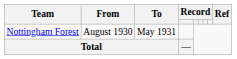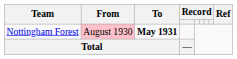 <table class="wikitable" style="text-align:center">
 <tr>
 <th rowspan="2">Team</th>
 <th rowspan="2">From</th>
 <th rowspan="2">To</th>
 <th colspan="5">Record</th>
 <th rowspan="2">Ref</th>
 </tr>
 <tr>
 <th></th>
 <th></th>
 <th></th>
 <th></th>
 <th></th>
 </tr>
 <tr>
 <td align="left"><a href='#'>Nottingham Forest</a></td>
-<td align="left">August 1930</td>
-<td align="left">May 1931<br></td>
+<td align="left" style="background: pink;">August 1930</td>
+<td align="left"><strong>May 1931<br></strong></td>
 <td></td>
 </tr>
 <tr>
 <th colspan="3">Total<br></th>
 <th>―</th>
 </tr>
 </table>
